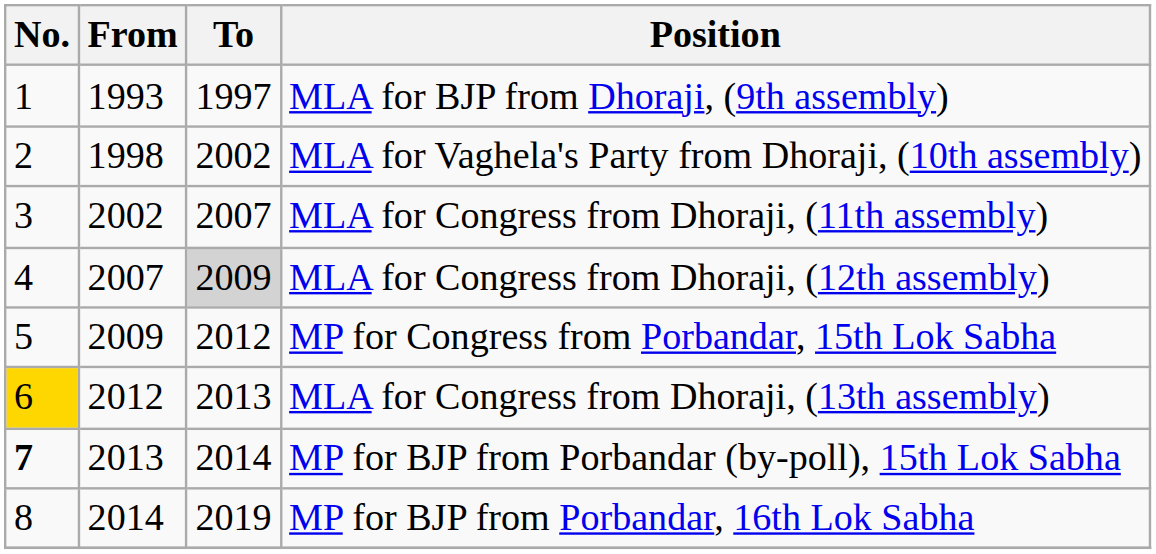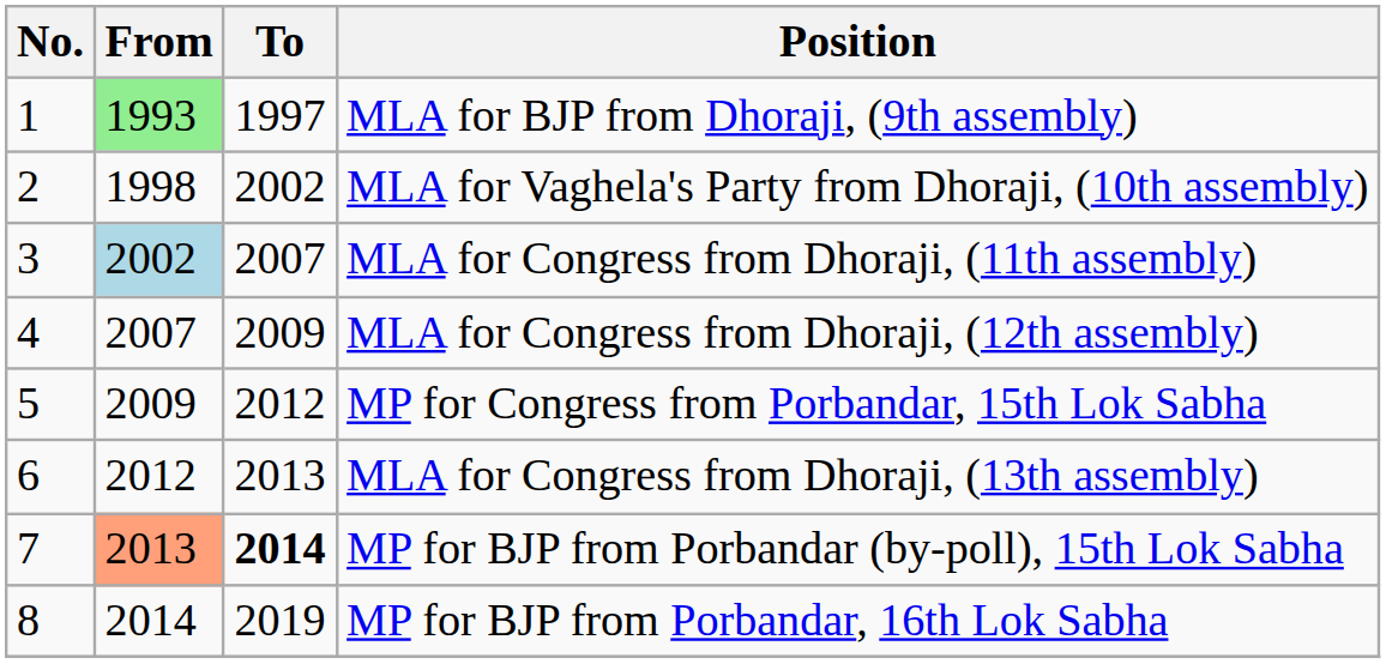 <table class="wikitable sortable">
 <tr>
 <th>No.</th>
 <th>From</th>
 <th>To</th>
 <th>Position</th>
 </tr>
 <tr>
 <td>1</td>
-<td>1993</td>
+<td style="background: lightgreen;">1993</td>
 <td>1997</td>
 <td><a href='#'>MLA</a> for BJP from <a href='#'>Dhoraji</a>, (<a href='#'>9th assembly</a>)</td>
 </tr>
 <tr>
 <td>2</td>
 <td>1998</td>
 <td>2002</td>
 <td><a href='#'>MLA</a> for Vaghela's Party from Dhoraji, (<a href='#'>10th assembly</a>)</td>
 </tr>
 <tr>
 <td>3</td>
-<td>2002</td>
+<td style="background: lightblue;">2002</td>
 <td>2007</td>
 <td><a href='#'>MLA</a> for Congress from Dhoraji, (<a href='#'>11th assembly</a>)</td>
 </tr>
 <tr>
 <td>4</td>
 <td>2007</td>
-<td style="background: lightgrey;">2009</td>
+<td>2009</td>
 <td><a href='#'>MLA</a> for Congress from Dhoraji, (<a href='#'>12th assembly</a>)</td>
 </tr>
 <tr>
 <td>5</td>
 <td>2009</td>
 <td>2012</td>
 <td><a href='#'>MP</a> for Congress from <a href='#'>Porbandar</a>, <a href='#'>15th Lok Sabha</a></td>
 </tr>
 <tr>
-<td style="background: gold;">6</td>
+<td>6</td>
 <td>2012</td>
 <td>2013</td>
 <td><a href='#'>MLA</a> for Congress from Dhoraji, (<a href='#'>13th assembly</a>)</td>
 </tr>
 <tr>
-<td><strong>7</strong></td>
-<td>2013</td>
-<td>2014</td>
+<td>7</td>
+<td style="background: lightsalmon;">2013</td>
+<td><strong>2014</strong></td>
 <td><a href='#'>MP</a> for BJP from Porbandar (by-poll), <a href='#'>15th Lok Sabha</a></td>
 </tr>
 <tr>
 <td>8</td>
 <td>2014</td>
 <td>2019</td>
 <td><a href='#'>MP</a> for BJP from <a href='#'>Porbandar</a>, <a href='#'>16th Lok Sabha</a></td>
 </tr>
 <tr>
 </tr>
 </table>
